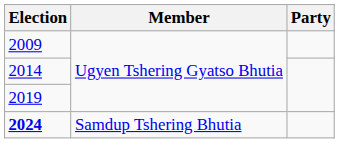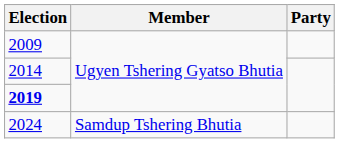 <table class="wikitable sortable">
 <tr>
 <th>Election</th>
 <th>Member</th>
 <th colspan=2>Party</th>
 </tr>
 <tr>
 <td><a href='#'>2009</a></td>
 <td rowspan=3><a href='#'>Ugyen Tshering Gyatso Bhutia</a></td>
 <td></td>
 </tr>
 <tr>
 <td><a href='#'>2014</a></td>
 </tr>
 <tr>
-<td><a href='#'>2019</a></td>
+<td><strong><a href='#'>2019</a></strong></td>
 </tr>
 <tr>
-<td><strong><a href='#'>2024</a></strong></td>
+<td><a href='#'>2024</a></td>
 <td rowspan=2><a href='#'>Samdup Tshering Bhutia</a></td>
 <td></td>
 </tr>
 </table>
